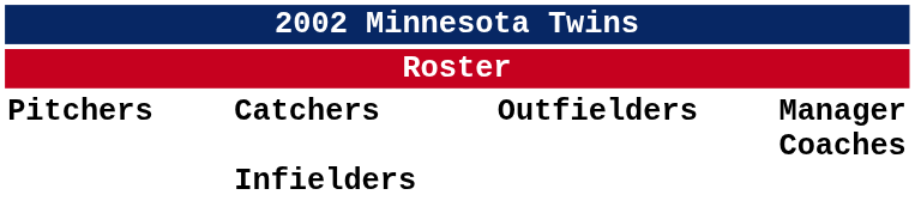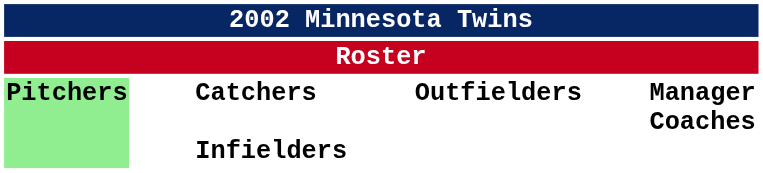 <table class="toccolours" style="font-size: 95%;">
 <tr>
 <th colspan="10" style="background-color: #072764; color: #FFFFFF; text-align: center;">2002 Minnesota Twins</th>
 </tr>
 <tr>
 <td colspan="10" style="background-color: #c6011f; color: white; text-align: center;"><strong>Roster</strong></td>
 </tr>
 <tr>
-<td valign="top"><strong>Pitchers</strong><br>                  </td>
+<td valign="top" style="background: lightgreen;"><strong>Pitchers</strong><br>                  </td>
 <td width="25px"></td>
 <td valign="top"><strong>Catchers</strong><br>  <br><strong>Infielders</strong>           </td>
 <td width="25px"></td>
 <td valign="top"><strong>Outfielders</strong><br>        </td>
 <td width="25px"></td>
 <td valign="top"><strong>Manager</strong><br> <strong>Coaches</strong>      </td>
 </tr>
 <tr>
 </tr>
 <tr>
 </tr>
 </table>
